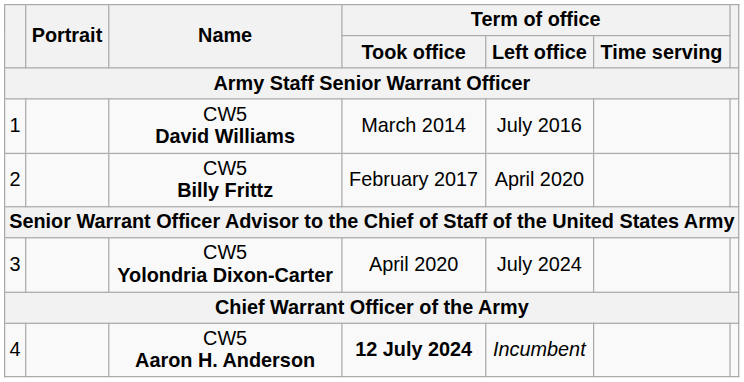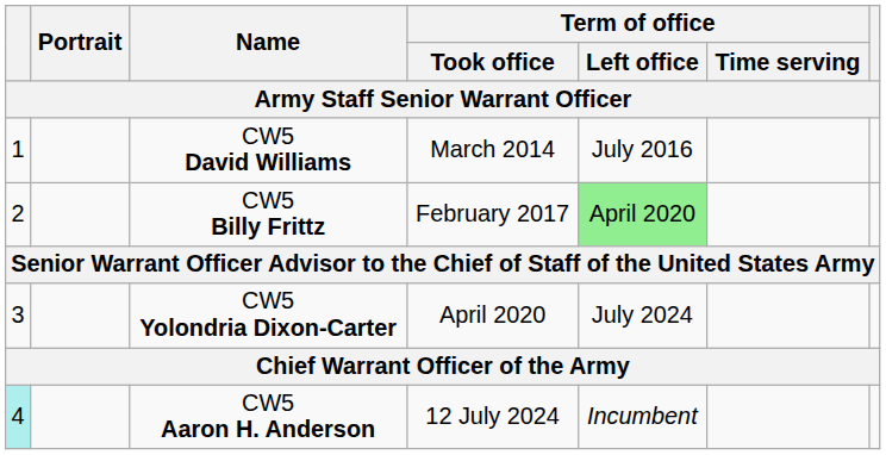 <table class="wikitable" style="text-align:center">
 <tr>
 <th rowspan=2></th>
 <th rowspan=2>Portrait</th>
 <th rowspan=2>Name<br></th>
 <th colspan=3>Term of office</th>
 <th rowspan=2></th>
 </tr>
 <tr>
 <th>Took office</th>
 <th>Left office</th>
 <th>Time serving</th>
 </tr>
 <tr>
 <th Colspan=7>Army Staff Senior Warrant Officer</th>
 </tr>
 <tr>
 <td>1</td>
 <td></td>
 <td>CW5<br><strong>David Williams</strong><br></td>
 <td>March 2014</td>
 <td>July 2016</td>
 <td></td>
 <td></td>
 </tr>
 <tr>
 <td>2</td>
 <td></td>
 <td>CW5<br><strong>Billy Frittz</strong><br></td>
 <td>February 2017</td>
-<td>April 2020</td>
+<td style="background: lightgreen;">April 2020</td>
 <td></td>
 <td></td>
 </tr>
 <tr>
 <th colspan=7>Senior Warrant Officer Advisor to the Chief of Staff of the United States Army</th>
 </tr>
 <tr>
 <td>3</td>
 <td></td>
 <td>CW5<br><strong>Yolondria Dixon-Carter</strong><br></td>
 <td>April 2020</td>
 <td>July 2024</td>
 <td></td>
 <td></td>
 </tr>
 <tr>
 <th colspan=7>Chief Warrant Officer of the Army</th>
 </tr>
 <tr>
-<td>4</td>
+<td style="background: paleturquoise;">4</td>
 <td></td>
 <td>CW5<br><strong>Aaron H. Anderson</strong><br></td>
-<td><strong>12 July 2024</strong></td>
+<td>12 July 2024</td>
 <td><em>Incumbent</em></td>
 <td></td>
 <td></td>
 </tr>
 </table>
